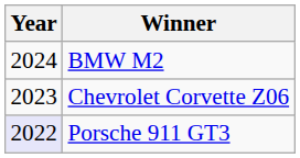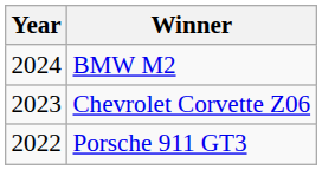 <table class="wikitable sortable">
 <tr>
 <th>Year</th>
 <th>Winner</th>
 </tr>
 <tr>
 <td>2024</td>
 <td><a href='#'>BMW M2</a></td>
 </tr>
 <tr>
 <td>2023</td>
 <td><a href='#'>Chevrolet Corvette Z06</a></td>
 </tr>
 <tr>
-<td style="background: lavender;">2022</td>
+<td>2022</td>
 <td><a href='#'>Porsche 911 GT3</a></td>
 </tr>
 </table>
